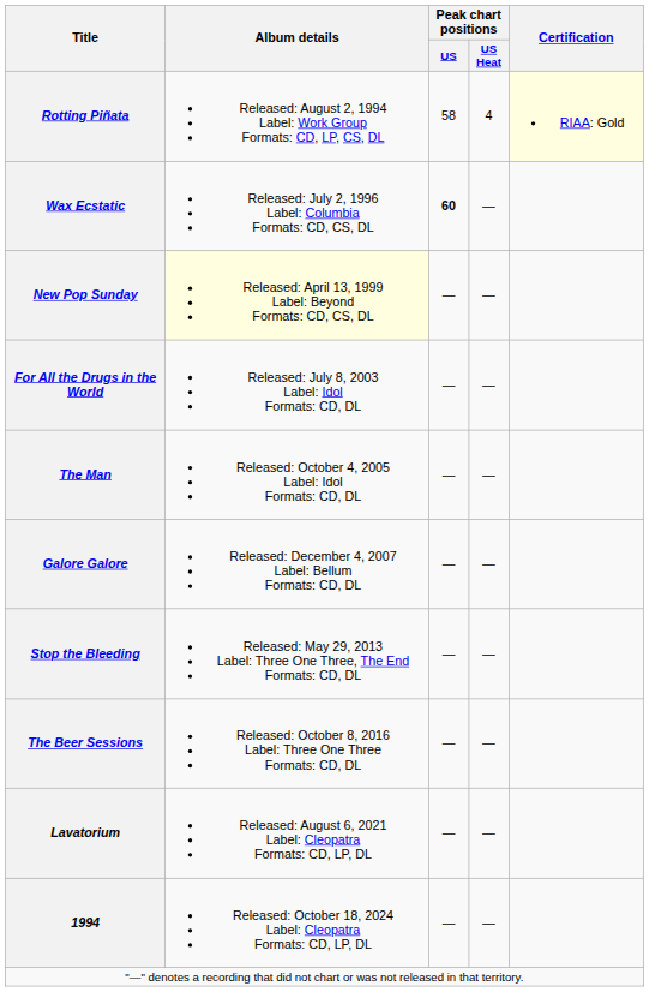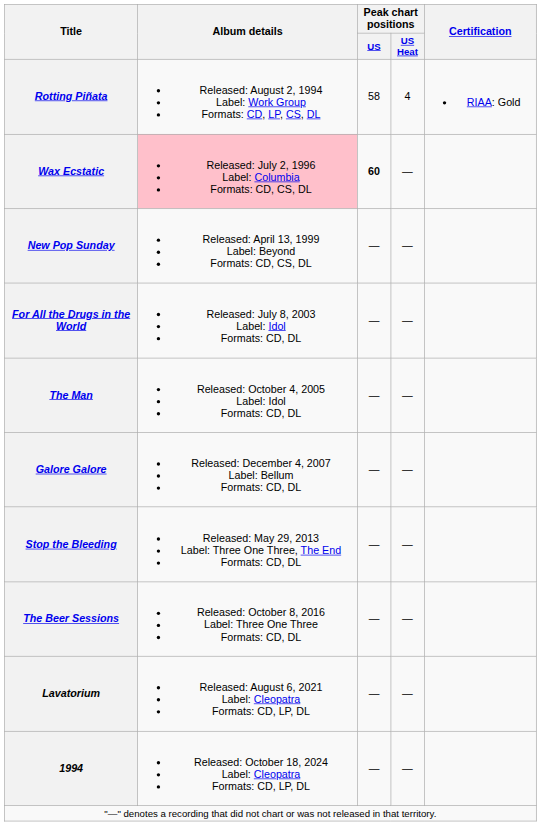 <table class="wikitable plainrowheaders" style="text-align:center;">
 <tr>
 <th scope="col" rowspan="2" style="width:12em;">Title</th>
 <th scope="col" rowspan="2" style="width:20em;">Album details</th>
 <th scope="col" colspan="2">Peak chart positions</th>
 <th scope="col" rowspan="2" style="width:10em;"><a href='#'>Certification</a></th>
 </tr>
 <tr>
 <th scope="col" style="width:3em;font-size:90%;"><a href='#'>US</a><br></th>
 <th scope="col" style="width:3em;font-size:90%;"><a href='#'>US Heat</a><br></th>
 </tr>
 <tr>
 <th scope="row"><em><a href='#'>Rotting Piñata</a></em></th>
 <td><br><ul><li>Released: August 2, 1994</li><li>Label: <a href='#'>Work Group</a></li><li>Formats: <a href='#'>CD</a>, <a href='#'>LP</a>, <a href='#'>CS</a>, <a href='#'>DL</a></li></ul></td>
 <td>58</td>
 <td>4</td>
-<td style="background: lightyellow;"><br><ul><li><a href='#'>RIAA</a>: Gold</li></ul></td>
+<td><br><ul><li><a href='#'>RIAA</a>: Gold</li></ul></td>
 </tr>
 <tr>
 <th scope="row"><em><a href='#'>Wax Ecstatic</a></em></th>
-<td><br><ul><li>Released: July 2, 1996</li><li>Label: <a href='#'>Columbia</a></li><li>Formats: CD, CS, DL</li></ul></td>
+<td style="background: pink;"><br><ul><li>Released: July 2, 1996</li><li>Label: <a href='#'>Columbia</a></li><li>Formats: CD, CS, DL</li></ul></td>
 <td><strong>60</strong></td>
 <td>—</td>
 <td></td>
 </tr>
 <tr>
 <th scope="row"><em><a href='#'>New Pop Sunday</a></em></th>
-<td style="background: lightyellow;"><br><ul><li>Released: April 13, 1999</li><li>Label: Beyond</li><li>Formats: CD, CS, DL</li></ul></td>
+<td><br><ul><li>Released: April 13, 1999</li><li>Label: Beyond</li><li>Formats: CD, CS, DL</li></ul></td>
 <td>—</td>
 <td>—</td>
 <td></td>
 </tr>
 <tr>
 <th scope="row"><em><a href='#'>For All the Drugs in the World</a></em></th>
 <td><br><ul><li>Released: July 8, 2003</li><li>Label: <a href='#'>Idol</a></li><li>Formats: CD, DL</li></ul></td>
 <td>—</td>
 <td>—</td>
 <td></td>
 </tr>
 <tr>
 <th scope="row"><em><a href='#'>The Man</a></em></th>
 <td><br><ul><li>Released: October 4, 2005</li><li>Label: Idol</li><li>Formats: CD, DL</li></ul></td>
 <td>—</td>
 <td>—</td>
 <td></td>
 </tr>
 <tr>
 <th scope="row"><em><a href='#'>Galore Galore</a></em></th>
 <td><br><ul><li>Released: December 4, 2007</li><li>Label: Bellum</li><li>Formats: CD, DL</li></ul></td>
 <td>—</td>
 <td>—</td>
 <td></td>
 </tr>
 <tr>
 <th scope="row"><em><a href='#'>Stop the Bleeding</a></em></th>
 <td><br><ul><li>Released: May 29, 2013</li><li>Label: Three One Three, <a href='#'>The End</a></li><li>Formats: CD, DL</li></ul></td>
 <td>—</td>
 <td>—</td>
 <td></td>
 </tr>
 <tr>
 <th scope="row"><em><a href='#'>The Beer Sessions</a></em></th>
 <td><br><ul><li>Released: October 8, 2016</li><li>Label: Three One Three</li><li>Formats: CD, DL</li></ul></td>
 <td>—</td>
 <td>—</td>
 <td></td>
 </tr>
 <tr>
 <th scope="row"><em>Lavatorium</em></th>
 <td><br><ul><li>Released: August 6, 2021</li><li>Label: <a href='#'>Cleopatra</a></li><li>Formats: CD, LP, DL</li></ul></td>
 <td>—</td>
 <td>—</td>
 <td></td>
 </tr>
 <tr>
 <th scope="row"><em>1994</em></th>
 <td><br><ul><li>Released: October 18, 2024</li><li>Label: <a href='#'>Cleopatra</a></li><li>Formats: CD, LP, DL</li></ul></td>
 <td>—</td>
 <td>—</td>
 <td></td>
 </tr>
 <tr>
 <td colspan="5" style="font-size:90%">"—" denotes a recording that did not chart or was not released in that territory.</td>
 </tr>
 </table>
